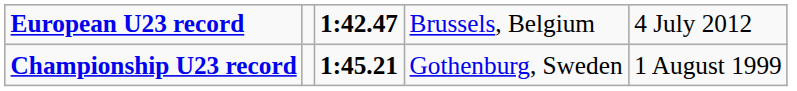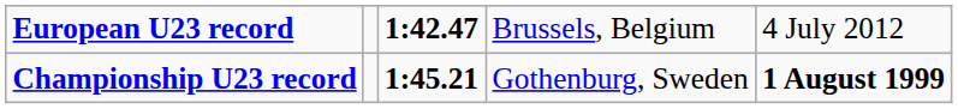 <table class="wikitable">
 <tr>
 <td><strong><a href='#'>European U23 record</a></strong></td>
 <td></td>
 <td><strong>1:42.47</strong></td>
 <td><a href='#'>Brussels</a>, Belgium</td>
 <td>4 July 2012</td>
 </tr>
 <tr>
 <td><strong><a href='#'>Championship U23 record</a></strong></td>
 <td></td>
 <td><strong>1:45.21</strong></td>
 <td><a href='#'>Gothenburg</a>, Sweden</td>
-<td>1 August 1999</td>
+<td><strong>1 August 1999</strong></td>
 </tr>
 </table>
